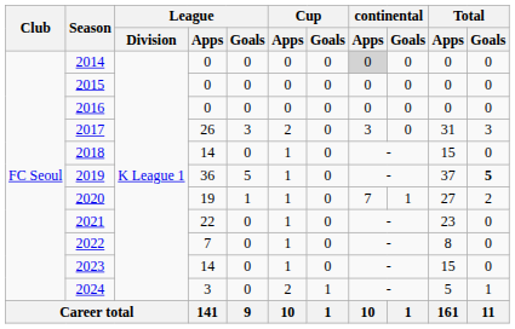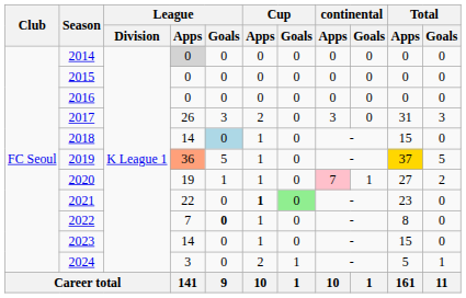 <table class="wikitable" style="text-align:center">
 <tr>
 <th rowspan=2>Club</th>
 <th rowspan=2>Season</th>
 <th colspan=3>League</th>
 <th colspan=2>Cup</th>
 <th colspan=2>continental</th>
 <th colspan=2>Total</th>
 </tr>
 <tr>
 <th>Division</th>
 <th>Apps</th>
 <th>Goals</th>
 <th>Apps</th>
 <th>Goals</th>
 <th>Apps</th>
 <th>Goals</th>
 <th>Apps</th>
 <th>Goals</th>
 </tr>
 <tr>
 <td rowspan="11"><a href='#'>FC Seoul</a></td>
 <td><a href='#'>2014</a></td>
 <td rowspan="11"><a href='#'>K League 1</a></td>
+<td style="background: lightgrey;">0</td>
 <td>0</td>
 <td>0</td>
 <td>0</td>
 <td>0</td>
-<td style="background: lightgrey;">0</td>
 <td>0</td>
 <td>0</td>
 <td>0</td>
 </tr>
 <tr>
 <td><a href='#'>2015</a></td>
 <td>0</td>
 <td>0</td>
 <td>0</td>
 <td>0</td>
 <td>0</td>
 <td>0</td>
 <td>0</td>
 <td>0</td>
 </tr>
 <tr>
 <td><a href='#'>2016</a></td>
 <td>0</td>
 <td>0</td>
 <td>0</td>
 <td>0</td>
 <td>0</td>
 <td>0</td>
 <td>0</td>
 <td>0</td>
 </tr>
 <tr>
 <td><a href='#'>2017</a></td>
 <td>26</td>
 <td>3</td>
 <td>2</td>
 <td>0</td>
 <td>3</td>
 <td>0</td>
 <td>31</td>
 <td>3</td>
 </tr>
 <tr>
 <td><a href='#'>2018</a></td>
 <td>14</td>
-<td>0</td>
+<td style="background: lightblue;">0</td>
 <td>1</td>
 <td>0</td>
 <td colspan="2">-</td>
 <td>15</td>
 <td>0</td>
 </tr>
 <tr>
 <td><a href='#'>2019</a></td>
-<td>36</td>
+<td style="background: lightsalmon;">36</td>
 <td>5</td>
 <td>1</td>
 <td>0</td>
 <td colspan="2">-</td>
-<td>37</td>
-<td><strong>5</strong></td>
+<td style="background: gold;">37</td>
+<td>5</td>
 </tr>
 <tr>
 <td><a href='#'>2020</a></td>
 <td>19</td>
 <td>1</td>
 <td>1</td>
 <td>0</td>
-<td>7</td>
+<td style="background: pink;">7</td>
 <td>1</td>
 <td>27</td>
 <td>2</td>
 </tr>
 <tr>
 <td><a href='#'>2021</a></td>
 <td>22</td>
 <td>0</td>
-<td>1</td>
-<td>0</td>
+<td><strong>1</strong></td>
+<td style="background: lightgreen;">0</td>
 <td colspan="2">-</td>
 <td>23</td>
 <td>0</td>
 </tr>
 <tr>
 <td><a href='#'>2022</a></td>
 <td>7</td>
-<td>0</td>
+<td><strong>0</strong></td>
 <td>1</td>
 <td>0</td>
 <td colspan="2">-</td>
 <td>8</td>
 <td>0</td>
 </tr>
 <tr>
 <td><a href='#'>2023</a></td>
 <td>14</td>
 <td>0</td>
 <td>1</td>
 <td>0</td>
 <td colspan="2">-</td>
 <td>15</td>
 <td>0</td>
 </tr>
 <tr>
 <td><a href='#'>2024</a></td>
 <td>3</td>
 <td>0</td>
 <td>2</td>
 <td>1</td>
 <td colspan="2">-</td>
 <td>5</td>
 <td>1</td>
 </tr>
 <tr>
 <th colspan="3">Career total</th>
 <th>141</th>
 <th>9</th>
 <th>10</th>
 <th>1</th>
 <th>10</th>
 <th>1</th>
 <th>161</th>
 <th>11</th>
 </tr>
 </table>
